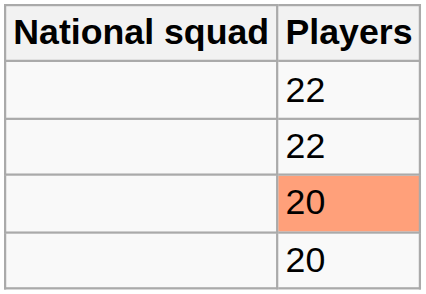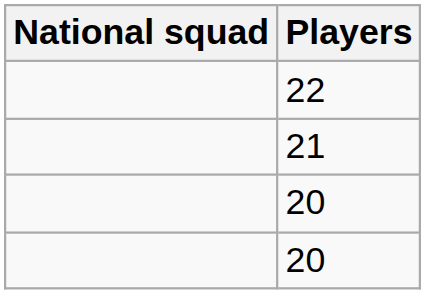 <table class="wikitable sortable">
 <tr>
 <th>National squad</th>
 <th>Players</th>
 </tr>
 <tr>
 <td></td>
 <td>22</td>
 </tr>
 <tr>
 <td></td>
-<td>22</td>
+<td>21</td>
 </tr>
 <tr>
 <td></td>
-<td style="background: lightsalmon;">20</td>
+<td>20</td>
 </tr>
 <tr>
 <td></td>
 <td>20</td>
 </tr>
 </table>
